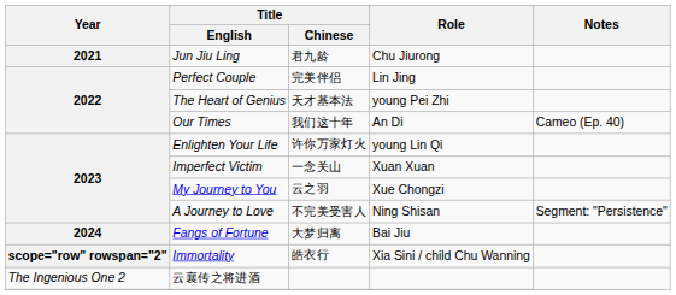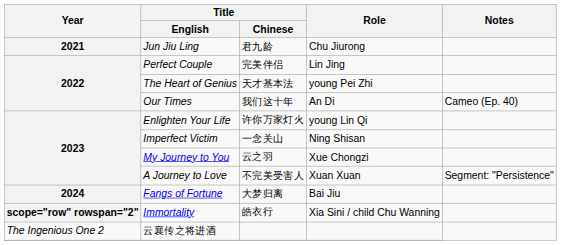 <table class="wikitable sortable plainrowheaders">
 <tr>
 <th scope="col" rowspan="2">Year</th>
 <th scope="col" colspan="2">Title</th>
 <th scope="col" rowspan="2">Role</th>
 <th scope="col" rowspan="2">Notes</th>
 </tr>
 <tr>
 <th scope="col">English</th>
 <th scope="col">Chinese</th>
 </tr>
 <tr>
 <th scope="row">2021</th>
 <td><em>Jun Jiu Ling</em></td>
 <td>君九龄</td>
 <td>Chu Jiurong</td>
 <td></td>
 </tr>
 <tr>
 <th scope="row" rowspan="3">2022</th>
 <td><em>Perfect Couple</em></td>
 <td>完美伴侣</td>
 <td>Lin Jing</td>
 <td></td>
 </tr>
 <tr>
 <td><em>The Heart of Genius</em></td>
 <td>天才基本法</td>
 <td>young Pei Zhi</td>
 <td></td>
 </tr>
 <tr>
 <td><em>Our Times</em></td>
 <td>我们这十年</td>
 <td>An Di</td>
 <td>Cameo (Ep. 40)</td>
 </tr>
 <tr>
 <th scope="row" rowspan="4">2023</th>
 <td><em>Enlighten Your Life</em></td>
 <td>许你万家灯火</td>
 <td>young Lin Qi</td>
 <td></td>
 </tr>
 <tr>
 <td><em>Imperfect Victim</em></td>
 <td>一念关山</td>
-<td>Xuan Xuan</td>
+<td>Ning Shisan</td>
 <td></td>
 </tr>
 <tr>
 <td><em><a href='#'>My Journey to You</a></em></td>
 <td>云之羽</td>
 <td>Xue Chongzi</td>
 <td></td>
 </tr>
 <tr>
 <td><em>A Journey to Love</em></td>
 <td>不完美受害人</td>
-<td>Ning Shisan</td>
+<td>Xuan Xuan</td>
 <td>Segment: "Persistence"</td>
 </tr>
 <tr>
 <th scope="row">2024</th>
 <td><em><a href='#'>Fangs of Fortune</a></em></td>
 <td>大梦归离</td>
 <td>Bai Jiu</td>
 <td></td>
 </tr>
 <tr>
 <th>scope="row" rowspan="2" </th>
 <td><em><a href='#'>Immortality</a></em></td>
 <td>皓衣行</td>
 <td>Xia Sini / child Chu Wanning</td>
 <td></td>
 </tr>
 <tr>
 <td><em>The Ingenious One 2</em></td>
 <td>云襄传之将进酒</td>
 <td></td>
 <td></td>
 </tr>
 <tr>
 </tr>
 </table>
